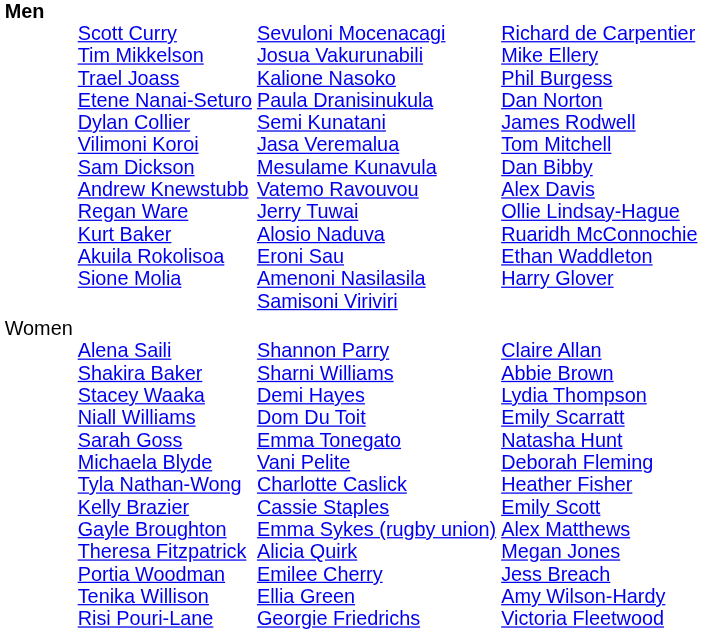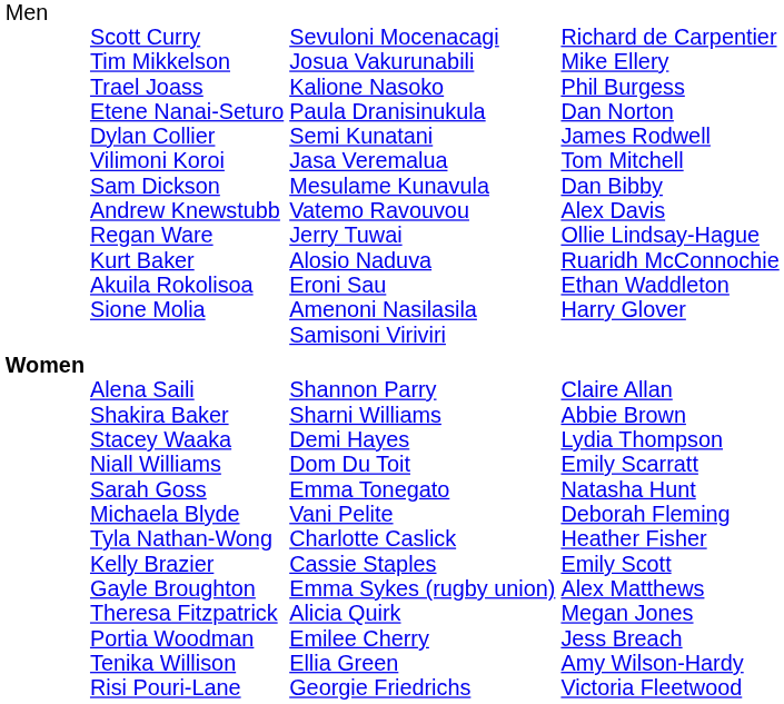 <table>
 <tr>
 </tr>
 <tr valign="top">
-<td><strong>Men<br></strong></td>
+<td>Men<br></td>
 <td><br><a href='#'>Scott Curry</a><br><a href='#'>Tim Mikkelson</a><br><a href='#'>Trael Joass</a><br><a href='#'>Etene Nanai-Seturo</a><br><a href='#'>Dylan Collier</a><br><a href='#'>Vilimoni Koroi</a><br><a href='#'>Sam Dickson</a><br><a href='#'>Andrew Knewstubb</a><br><a href='#'>Regan Ware</a><br><a href='#'>Kurt Baker</a><br><a href='#'>Akuila Rokolisoa</a><br><a href='#'>Sione Molia</a></td>
 <td><br><a href='#'>Sevuloni Mocenacagi</a><br><a href='#'>Josua Vakurunabili</a><br><a href='#'>Kalione Nasoko</a><br><a href='#'>Paula Dranisinukula</a><br><a href='#'>Semi Kunatani</a><br><a href='#'>Jasa Veremalua</a><br><a href='#'>Mesulame Kunavula</a><br><a href='#'>Vatemo Ravouvou</a><br><a href='#'>Jerry Tuwai</a><br><a href='#'>Alosio Naduva</a><br><a href='#'>Eroni Sau</a><br><a href='#'>Amenoni Nasilasila</a><br><a href='#'>Samisoni Viriviri</a></td>
 <td><br><a href='#'>Richard de Carpentier</a><br><a href='#'>Mike Ellery</a><br><a href='#'>Phil Burgess</a><br><a href='#'>Dan Norton</a><br><a href='#'>James Rodwell</a><br><a href='#'>Tom Mitchell</a><br><a href='#'>Dan Bibby</a><br><a href='#'>Alex Davis</a><br><a href='#'>Ollie Lindsay-Hague</a><br><a href='#'>Ruaridh McConnochie</a><br><a href='#'>Ethan Waddleton</a><br><a href='#'>Harry Glover</a></td>
 </tr>
 <tr valign="top">
-<td>Women<br></td>
+<td><strong>Women<br></strong></td>
 <td><br><a href='#'>Alena Saili</a><br><a href='#'>Shakira Baker</a><br><a href='#'>Stacey Waaka</a><br><a href='#'>Niall Williams</a><br><a href='#'>Sarah Goss</a><br><a href='#'>Michaela Blyde</a><br><a href='#'>Tyla Nathan-Wong</a><br><a href='#'>Kelly Brazier</a><br><a href='#'>Gayle Broughton</a><br><a href='#'>Theresa Fitzpatrick</a><br><a href='#'>Portia Woodman</a><br><a href='#'>Tenika Willison</a><br><a href='#'>Risi Pouri-Lane</a></td>
 <td><br><a href='#'>Shannon Parry</a><br><a href='#'>Sharni Williams</a><br><a href='#'>Demi Hayes</a><br><a href='#'>Dom Du Toit</a><br><a href='#'>Emma Tonegato</a><br><a href='#'>Vani Pelite</a><br><a href='#'>Charlotte Caslick</a><br><a href='#'>Cassie Staples</a><br><a href='#'>Emma Sykes (rugby union)</a><br><a href='#'>Alicia Quirk</a><br><a href='#'>Emilee Cherry</a><br><a href='#'>Ellia Green</a><br><a href='#'>Georgie Friedrichs</a></td>
 <td><br><a href='#'>Claire Allan</a><br><a href='#'>Abbie Brown</a><br><a href='#'>Lydia Thompson</a><br><a href='#'>Emily Scarratt</a><br><a href='#'>Natasha Hunt</a><br><a href='#'>Deborah Fleming</a><br><a href='#'>Heather Fisher</a><br><a href='#'>Emily Scott</a><br><a href='#'>Alex Matthews</a><br><a href='#'>Megan Jones</a><br><a href='#'>Jess Breach</a><br><a href='#'>Amy Wilson-Hardy</a><br><a href='#'>Victoria Fleetwood</a></td>
 </tr>
 </table>
